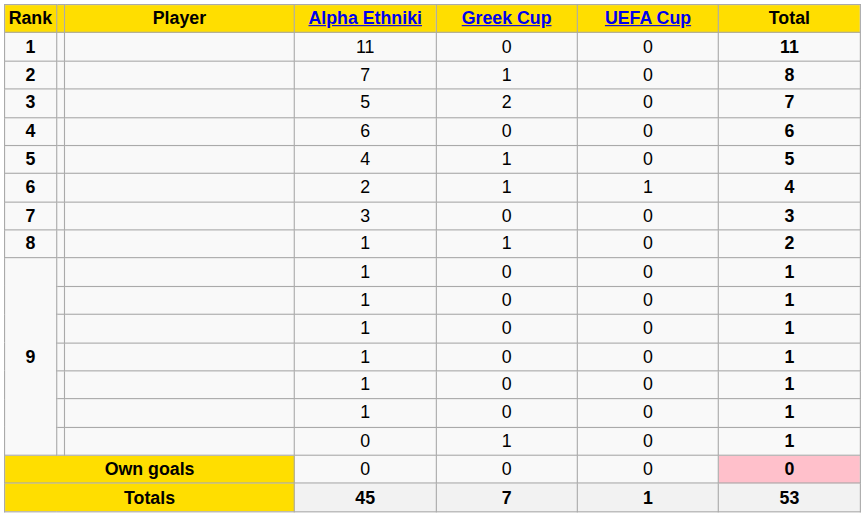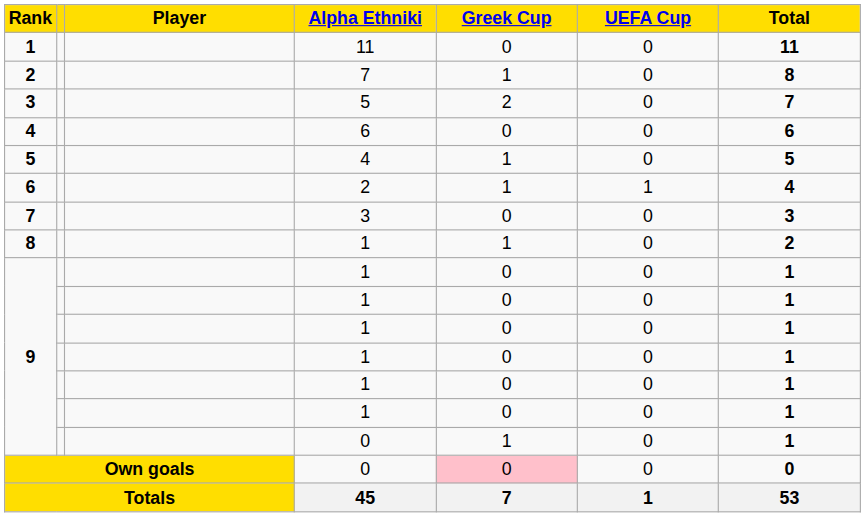 <table class="wikitable sortable" style="text-align: center">
 <tr>
 <th style="background:#FFDE00">Rank</th>
 <th style="background:#FFDE00"></th>
 <th width=200 style="background:#FFDE00">Player</th>
 <th width=120 style="background:#FFDE00"><a href='#'>Alpha Ethniki</a></th>
 <th width=120 style="background:#FFDE00"><a href='#'>Greek Cup</a></th>
 <th width=120 style="background:#FFDE00"><a href='#'>UEFA Cup</a></th>
 <th width=120 style="background:#FFDE00">Total</th>
 </tr>
 <tr>
 <td><strong>1</strong></td>
 <td></td>
 <td align=left></td>
 <td>11</td>
 <td>0</td>
 <td>0</td>
 <td><strong>11</strong></td>
 </tr>
 <tr>
 <td><strong>2</strong></td>
 <td></td>
 <td align=left></td>
 <td>7</td>
 <td>1</td>
 <td>0</td>
 <td><strong>8</strong></td>
 </tr>
 <tr>
 <td><strong>3</strong></td>
 <td></td>
 <td align=left></td>
 <td>5</td>
 <td>2</td>
 <td>0</td>
 <td><strong>7</strong></td>
 </tr>
 <tr>
 <td><strong>4</strong></td>
 <td></td>
 <td align=left></td>
 <td>6</td>
 <td>0</td>
 <td>0</td>
 <td><strong>6</strong></td>
 </tr>
 <tr>
 <td><strong>5</strong></td>
 <td></td>
 <td align=left></td>
 <td>4</td>
 <td>1</td>
 <td>0</td>
 <td><strong>5</strong></td>
 </tr>
 <tr>
 <td><strong>6</strong></td>
 <td></td>
 <td align=left></td>
 <td>2</td>
 <td>1</td>
 <td>1</td>
 <td><strong>4</strong></td>
 </tr>
 <tr>
 <td><strong>7</strong></td>
 <td></td>
 <td align=left></td>
 <td>3</td>
 <td>0</td>
 <td>0</td>
 <td><strong>3</strong></td>
 </tr>
 <tr>
 <td><strong>8</strong></td>
 <td></td>
 <td align=left></td>
 <td>1</td>
 <td>1</td>
 <td>0</td>
 <td><strong>2</strong></td>
 </tr>
 <tr>
 <td rowspan=7><strong>9</strong></td>
 <td></td>
 <td align=left></td>
 <td>1</td>
 <td>0</td>
 <td>0</td>
 <td><strong>1</strong></td>
 </tr>
 <tr>
 <td></td>
 <td align=left></td>
 <td>1</td>
 <td>0</td>
 <td>0</td>
 <td><strong>1</strong></td>
 </tr>
 <tr>
 <td></td>
 <td align=left></td>
 <td>1</td>
 <td>0</td>
 <td>0</td>
 <td><strong>1</strong></td>
 </tr>
 <tr>
 <td></td>
 <td align=left></td>
 <td>1</td>
 <td>0</td>
 <td>0</td>
 <td><strong>1</strong></td>
 </tr>
 <tr>
 <td></td>
 <td align=left></td>
 <td>1</td>
 <td>0</td>
 <td>0</td>
 <td><strong>1</strong></td>
 </tr>
 <tr>
 <td></td>
 <td align=left></td>
 <td>1</td>
 <td>0</td>
 <td>0</td>
 <td><strong>1</strong></td>
 </tr>
 <tr>
 <td></td>
 <td align=left></td>
 <td>0</td>
 <td>1</td>
 <td>0</td>
 <td><strong>1</strong></td>
 </tr>
 <tr class="sortbottom">
 <td colspan=3 style="background:#FFDE00"><strong>Own goals</strong></td>
 <td>0</td>
+<td style="background: pink;">0</td>
 <td>0</td>
-<td>0</td>
-<td style="background: pink;"><strong>0</strong></td>
+<td><strong>0</strong></td>
 </tr>
 <tr class="sortbottom">
 <th colspan=3 style="background:#FFDE00"><strong>Totals</strong></th>
 <th><strong>45</strong></th>
 <th><strong> 7</strong></th>
 <th><strong> 1</strong></th>
 <th><strong>53</strong></th>
 </tr>
 </table>
